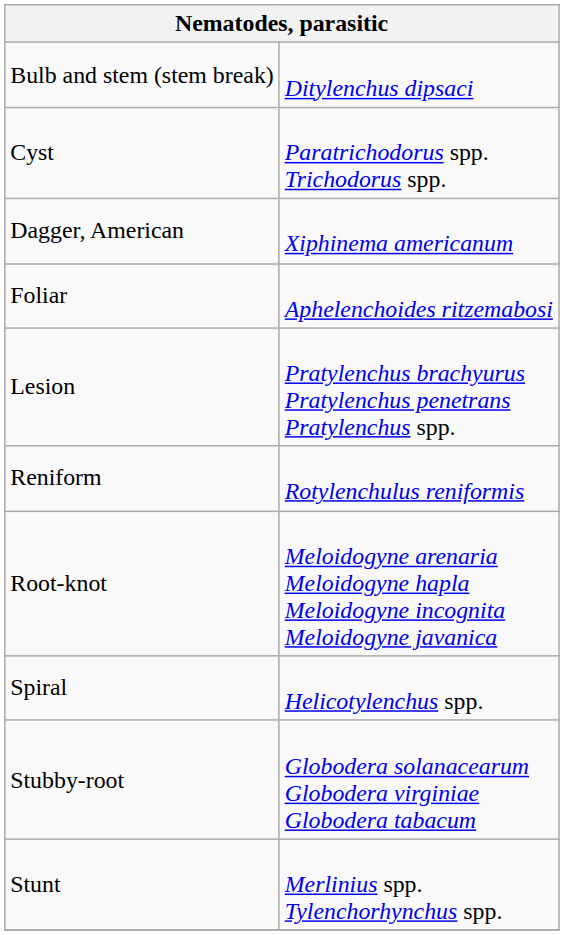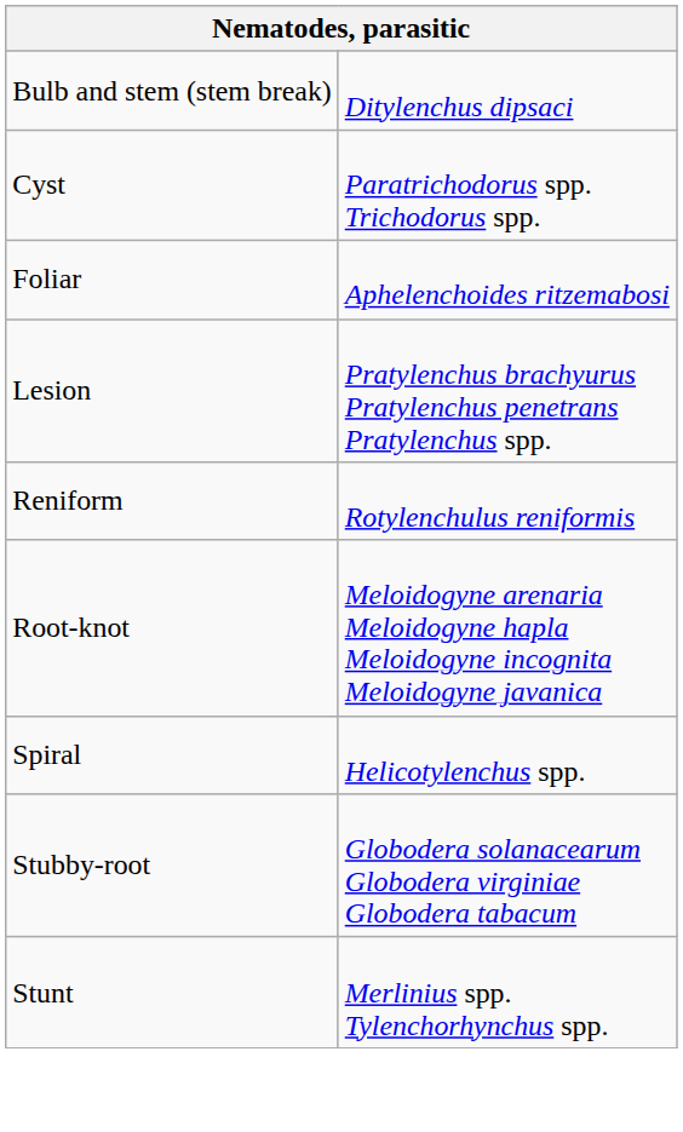 <table class="wikitable" style="clear">
 <tr>
 <th colspan=2><strong>Nematodes, parasitic</strong><br></th>
 </tr>
 <tr>
 <td>Bulb and stem (stem break)</td>
 <td><br><em><a href='#'>Ditylenchus dipsaci</a></em></td>
 </tr>
 <tr>
 <td>Cyst</td>
 <td><br><em><a href='#'>Paratrichodorus</a></em> spp. <br> <em><a href='#'>Trichodorus</a></em> spp.</td>
-</tr>
-<tr>
-<td>Dagger, American</td>
-<td><br><em><a href='#'>Xiphinema americanum</a></em></td>
 </tr>
 <tr>
 <td>Foliar</td>
 <td><br><em><a href='#'>Aphelenchoides ritzemabosi</a></em></td>
 </tr>
 <tr>
 <td>Lesion</td>
 <td><br><em><a href='#'>Pratylenchus brachyurus</a></em><br> <em><a href='#'>Pratylenchus penetrans</a></em><br> <em><a href='#'>Pratylenchus</a></em> spp.</td>
 </tr>
 <tr>
 <td>Reniform</td>
 <td><br><em><a href='#'>Rotylenchulus reniformis</a></em></td>
 </tr>
 <tr>
 <td>Root-knot</td>
 <td><br><em><a href='#'>Meloidogyne arenaria</a></em><br> <em><a href='#'>Meloidogyne hapla</a></em><br> <em><a href='#'>Meloidogyne incognita</a></em><br> <em><a href='#'>Meloidogyne javanica</a></em></td>
 </tr>
 <tr>
 <td>Spiral</td>
 <td><br><em><a href='#'>Helicotylenchus</a></em> spp. <br></td>
 </tr>
 <tr>
 <td>Stubby-root</td>
 <td><br><em><a href='#'>Globodera solanacearum</a></em><br>  <em><a href='#'>Globodera virginiae</a></em><br> <em><a href='#'>Globodera tabacum</a></em></td>
 </tr>
 <tr>
 <td>Stunt</td>
 <td><br><em><a href='#'>Merlinius</a></em> spp. <br> <em><a href='#'>Tylenchorhynchus</a></em> spp.</td>
 </tr>
 <tr>
 </tr>
 </table>
